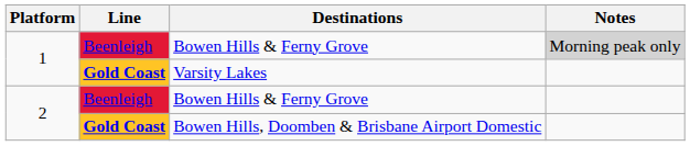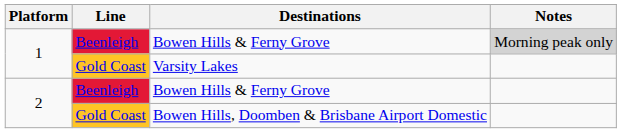 <table class="wikitable" style="float: none; margin: 0.5em; ">
 <tr>
 <th>Platform</th>
 <th>Line</th>
 <th>Destinations</th>
 <th>Notes</th>
 </tr>
 <tr>
 <td rowspan="2" style="text-align:center;">1</td>
 <td style="background:#E31836"><a href='#'><span>Beenleigh</span></a></td>
 <td><a href='#'>Bowen Hills</a> & <a href='#'>Ferny Grove</a></td>
 <td style="background: lightgrey;">Morning peak only</td>
 </tr>
 <tr>
-<td style="background:#FFC425"><strong><a href='#'><span>Gold Coast</span></a></strong></td>
+<td style="background:#FFC425"><a href='#'><span>Gold Coast</span></a></td>
 <td><a href='#'>Varsity Lakes</a></td>
 <td></td>
 </tr>
 <tr>
 <td rowspan="2" style="text-align:center;">2</td>
 <td style="background:#E31836"><a href='#'><span>Beenleigh</span></a></td>
 <td><a href='#'>Bowen Hills</a> & <a href='#'>Ferny Grove</a></td>
 <td></td>
 </tr>
 <tr>
-<td style=background:#FFC425><strong><a href='#'><span>Gold Coast</span></a></strong></td>
+<td style=background:#FFC425><a href='#'><span>Gold Coast</span></a></td>
 <td><a href='#'>Bowen Hills</a>, <a href='#'>Doomben</a> & <a href='#'>Brisbane Airport Domestic</a></td>
 <td></td>
 </tr>
 </table>
